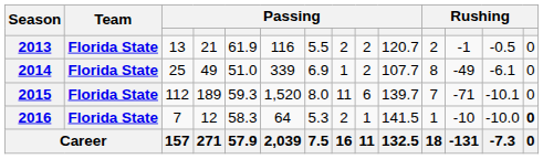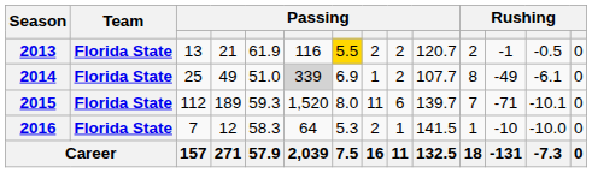 <table class="wikitable" style="text-align:center;">
 <tr>
 <th rowspan="2">Season</th>
 <th rowspan="2">Team</th>
 <th colspan="8">Passing</th>
 <th colspan="4">Rushing</th>
 </tr>
 <tr>
 <th></th>
 <th></th>
 <th></th>
 <th></th>
 <th></th>
 <th></th>
 <th></th>
 <th></th>
 <th></th>
 <th></th>
 <th></th>
 <th></th>
 </tr>
 <tr>
 <th><a href='#'>2013</a></th>
 <th><a href='#'>Florida State</a></th>
 <td>13</td>
 <td>21</td>
 <td>61.9</td>
 <td>116</td>
-<td>5.5</td>
+<td style="background: gold;">5.5</td>
 <td>2</td>
 <td>2</td>
 <td>120.7</td>
 <td>2</td>
 <td>-1</td>
 <td>-0.5</td>
 <td>0</td>
 </tr>
 <tr>
 <th><a href='#'>2014</a></th>
 <th><a href='#'>Florida State</a></th>
 <td>25</td>
 <td>49</td>
 <td>51.0</td>
-<td>339</td>
+<td style="background: lightgrey;">339</td>
 <td>6.9</td>
 <td>1</td>
 <td>2</td>
 <td>107.7</td>
 <td>8</td>
 <td>-49</td>
 <td>-6.1</td>
 <td>0</td>
 </tr>
 <tr>
 <th><a href='#'>2015</a></th>
 <th><a href='#'>Florida State</a></th>
 <td>112</td>
 <td>189</td>
 <td>59.3</td>
 <td>1,520</td>
 <td>8.0</td>
 <td>11</td>
 <td>6</td>
 <td>139.7</td>
 <td>7</td>
 <td>-71</td>
 <td>-10.1</td>
 <td>0</td>
 </tr>
 <tr>
 <th><a href='#'>2016</a></th>
 <th><a href='#'>Florida State</a></th>
 <td>7</td>
 <td>12</td>
 <td>58.3</td>
 <td>64</td>
 <td>5.3</td>
 <td>2</td>
 <td>1</td>
 <td>141.5</td>
 <td>1</td>
 <td>-10</td>
 <td>-10.0</td>
-<td><strong>0</strong></td>
+<td>0</td>
 </tr>
 <tr>
 <th colspan="2">Career</th>
 <th>157</th>
 <th>271</th>
 <th>57.9</th>
 <th>2,039</th>
 <th>7.5</th>
 <th>16</th>
 <th>11</th>
 <th>132.5</th>
 <th>18</th>
 <th>-131</th>
 <th>-7.3</th>
 <th>0</th>
 </tr>
 </table>
